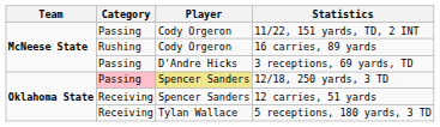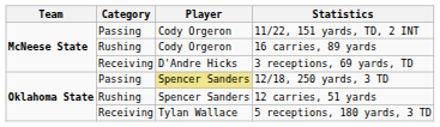 <table class="wikitable" style="float: right;">
 <tr>
 <th>Team</th>
 <th>Category</th>
 <th>Player</th>
 <th>Statistics</th>
 </tr>
 <tr>
 <td rowspan=3><strong>McNeese State</strong></td>
 <td>Passing</td>
 <td>Cody Orgeron</td>
 <td>11/22, 151 yards, TD, 2 INT</td>
 </tr>
 <tr>
 <td>Rushing</td>
 <td>Cody Orgeron</td>
 <td>16 carries, 89 yards</td>
 </tr>
 <tr>
-<td>Passing</td>
+<td>Receiving</td>
 <td>D'Andre Hicks</td>
 <td>3 receptions, 69 yards, TD</td>
 </tr>
 <tr>
 <td rowspan=3><strong>Oklahoma State</strong></td>
-<td style="background: pink;">Passing</td>
+<td>Passing</td>
 <td style="background: khaki;">Spencer Sanders</td>
 <td>12/18, 250 yards, 3 TD</td>
 </tr>
 <tr>
-<td>Receiving</td>
+<td>Rushing</td>
 <td>Spencer Sanders</td>
 <td>12 carries, 51 yards</td>
 </tr>
 <tr>
 <td>Receiving</td>
 <td>Tylan Wallace</td>
 <td>5 receptions, 180 yards, 3 TD</td>
 </tr>
 </table>
